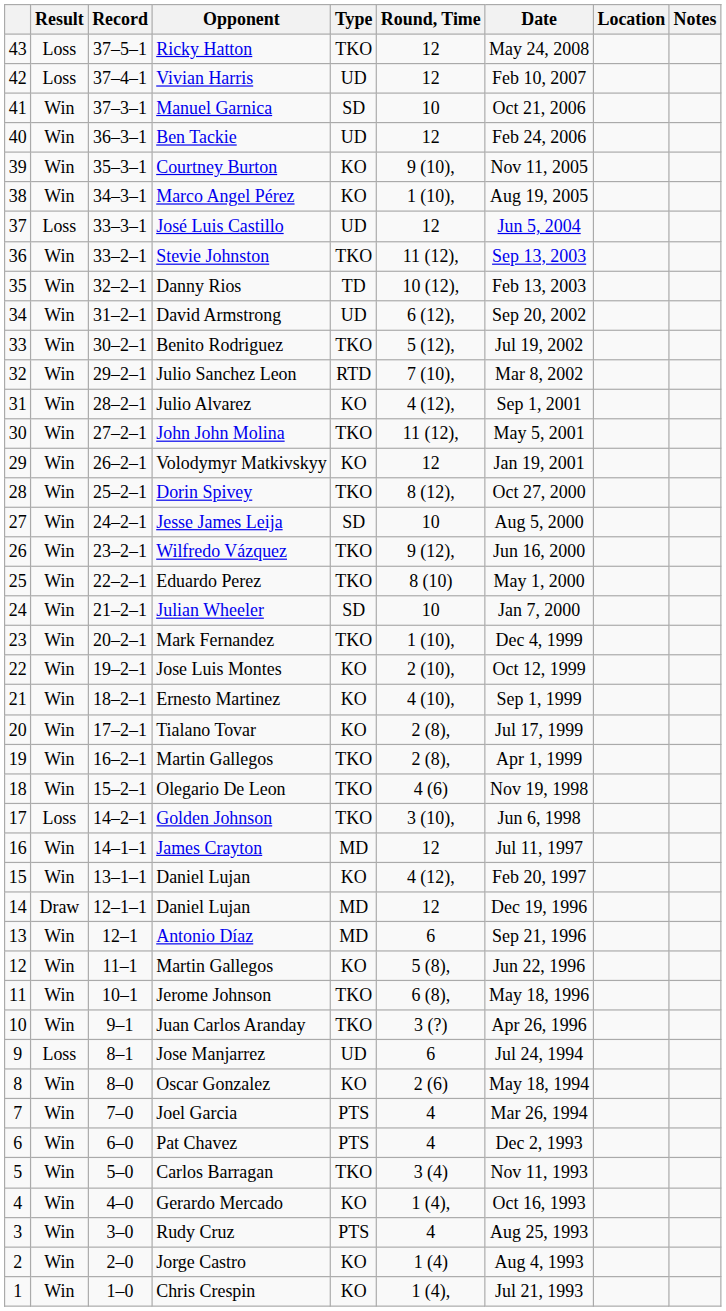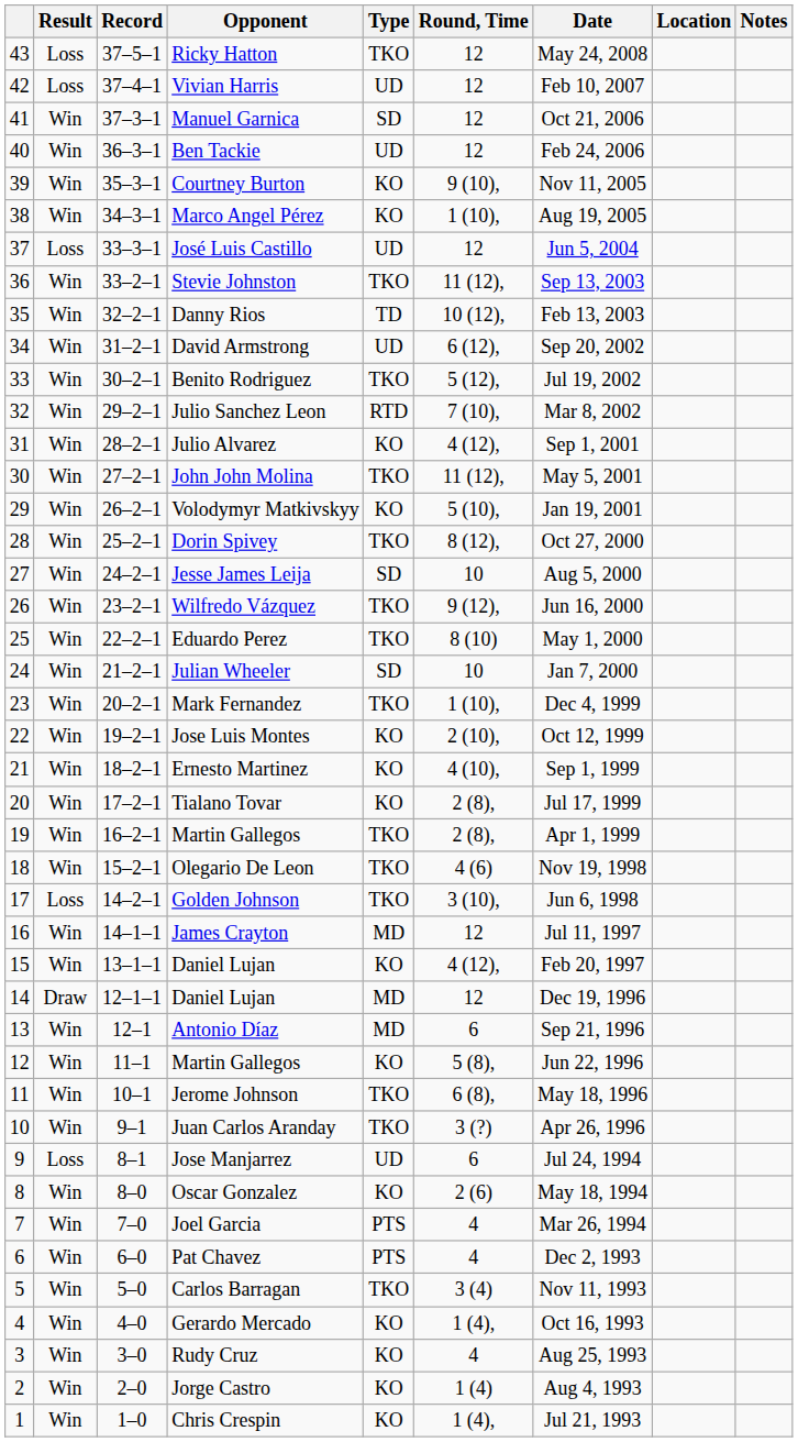 <table class="wikitable" style="text-align:center; font-size:95%">
 <tr>
 <th></th>
 <th>Result</th>
 <th>Record</th>
 <th>Opponent</th>
 <th>Type</th>
 <th>Round, Time</th>
 <th>Date</th>
 <th>Location</th>
 <th>Notes</th>
 </tr>
 <tr>
 <td>43</td>
 <td>Loss</td>
 <td>37–5–1</td>
 <td style="text-align:left;"><a href='#'>Ricky Hatton</a></td>
 <td>TKO</td>
 <td>12</td>
 <td>May 24, 2008</td>
 <td style="text-align:left;"></td>
 <td style="text-align:left;"></td>
 </tr>
 <tr>
 <td>42</td>
 <td>Loss</td>
 <td>37–4–1</td>
 <td style="text-align:left;"><a href='#'>Vivian Harris</a></td>
 <td>UD</td>
 <td>12</td>
 <td>Feb 10, 2007</td>
 <td style="text-align:left;"></td>
 <td style="text-align:left;"></td>
 </tr>
 <tr>
 <td>41</td>
 <td>Win</td>
 <td>37–3–1</td>
 <td style="text-align:left;"><a href='#'>Manuel Garnica</a></td>
 <td>SD</td>
-<td>10</td>
+<td>12</td>
 <td>Oct 21, 2006</td>
 <td style="text-align:left;"></td>
 <td></td>
 </tr>
 <tr>
 <td>40</td>
 <td>Win</td>
 <td>36–3–1</td>
 <td style="text-align:left;"><a href='#'>Ben Tackie</a></td>
 <td>UD</td>
 <td>12</td>
 <td>Feb 24, 2006</td>
 <td style="text-align:left;"></td>
 <td></td>
 </tr>
 <tr>
 <td>39</td>
 <td>Win</td>
 <td>35–3–1</td>
 <td style="text-align:left;"><a href='#'>Courtney Burton</a></td>
 <td>KO</td>
 <td>9 (10), </td>
 <td>Nov 11, 2005</td>
 <td style="text-align:left;"></td>
 <td></td>
 </tr>
 <tr>
 <td>38</td>
 <td>Win</td>
 <td>34–3–1</td>
 <td style="text-align:left;"><a href='#'>Marco Angel Pérez</a></td>
 <td>KO</td>
 <td>1 (10), </td>
 <td>Aug 19, 2005</td>
 <td style="text-align:left;"></td>
 <td></td>
 </tr>
 <tr>
 <td>37</td>
 <td>Loss</td>
 <td>33–3–1</td>
 <td style="text-align:left;"><a href='#'>José Luis Castillo</a></td>
 <td>UD</td>
 <td>12</td>
 <td><a href='#'>Jun 5, 2004</a></td>
 <td style="text-align:left;"></td>
 <td style="text-align:left;"></td>
 </tr>
 <tr>
 <td>36</td>
 <td>Win</td>
 <td>33–2–1</td>
 <td style="text-align:left;"><a href='#'>Stevie Johnston</a></td>
 <td>TKO</td>
 <td>11 (12), </td>
 <td><a href='#'>Sep 13, 2003</a></td>
 <td style="text-align:left;"></td>
 <td style="text-align:left;"></td>
 </tr>
 <tr>
 <td>35</td>
 <td>Win</td>
 <td>32–2–1</td>
 <td style="text-align:left;">Danny Rios</td>
 <td>TD</td>
 <td>10 (12), </td>
 <td>Feb 13, 2003</td>
 <td style="text-align:left;"></td>
 <td style="text-align:left;"></td>
 </tr>
 <tr>
 <td>34</td>
 <td>Win</td>
 <td>31–2–1</td>
 <td style="text-align:left;">David Armstrong</td>
 <td>UD</td>
 <td>6 (12), </td>
 <td>Sep 20, 2002</td>
 <td style="text-align:left;"></td>
 <td style="text-align:left;"></td>
 </tr>
 <tr>
 <td>33</td>
 <td>Win</td>
 <td>30–2–1</td>
 <td style="text-align:left;">Benito Rodriguez</td>
 <td>TKO</td>
 <td>5 (12), </td>
 <td>Jul 19, 2002</td>
 <td style="text-align:left;"></td>
 <td style="text-align:left;"></td>
 </tr>
 <tr>
 <td>32</td>
 <td>Win</td>
 <td>29–2–1</td>
 <td style="text-align:left;">Julio Sanchez Leon</td>
 <td>RTD</td>
 <td>7 (10), </td>
 <td>Mar 8, 2002</td>
 <td style="text-align:left;"></td>
 <td></td>
 </tr>
 <tr>
 <td>31</td>
 <td>Win</td>
 <td>28–2–1</td>
 <td style="text-align:left;">Julio Alvarez</td>
 <td>KO</td>
 <td>4 (12), </td>
 <td>Sep 1, 2001</td>
 <td style="text-align:left;"></td>
 <td style="text-align:left;"></td>
 </tr>
 <tr>
 <td>30</td>
 <td>Win</td>
 <td>27–2–1</td>
 <td style="text-align:left;"><a href='#'>John John Molina</a></td>
 <td>TKO</td>
 <td>11 (12), </td>
 <td>May 5, 2001</td>
 <td style="text-align:left;"></td>
 <td style="text-align:left;"></td>
 </tr>
 <tr>
 <td>29</td>
 <td>Win</td>
 <td>26–2–1</td>
 <td style="text-align:left;">Volodymyr Matkivskyy</td>
 <td>KO</td>
-<td>12</td>
+<td>5 (10), </td>
 <td>Jan 19, 2001</td>
 <td style="text-align:left;"></td>
 <td></td>
 </tr>
 <tr>
 <td>28</td>
 <td>Win</td>
 <td>25–2–1</td>
 <td style="text-align:left;"><a href='#'>Dorin Spivey</a></td>
 <td>TKO</td>
 <td>8 (12), </td>
 <td>Oct 27, 2000</td>
 <td style="text-align:left;"></td>
 <td style="text-align:left;"></td>
 </tr>
 <tr>
 <td>27</td>
 <td>Win</td>
 <td>24–2–1</td>
 <td style="text-align:left;"><a href='#'>Jesse James Leija</a></td>
 <td>SD</td>
 <td>10</td>
 <td>Aug 5, 2000</td>
 <td style="text-align:left;"></td>
 <td></td>
 </tr>
 <tr>
 <td>26</td>
 <td>Win</td>
 <td>23–2–1</td>
 <td style="text-align:left;"><a href='#'>Wilfredo Vázquez</a></td>
 <td>TKO</td>
 <td>9 (12), </td>
 <td>Jun 16, 2000</td>
 <td style="text-align:left;"></td>
 <td style="text-align:left;"></td>
 </tr>
 <tr>
 <td>25</td>
 <td>Win</td>
 <td>22–2–1</td>
 <td style="text-align:left;">Eduardo Perez</td>
 <td>TKO</td>
 <td>8 (10)</td>
 <td>May 1, 2000</td>
 <td style="text-align:left;"></td>
 <td></td>
 </tr>
 <tr>
 <td>24</td>
 <td>Win</td>
 <td>21–2–1</td>
 <td style="text-align:left;"><a href='#'>Julian Wheeler</a></td>
 <td>SD</td>
 <td>10</td>
 <td>Jan 7, 2000</td>
 <td style="text-align:left;"></td>
 <td></td>
 </tr>
 <tr>
 <td>23</td>
 <td>Win</td>
 <td>20–2–1</td>
 <td style="text-align:left;">Mark Fernandez</td>
 <td>TKO</td>
 <td>1 (10), </td>
 <td>Dec 4, 1999</td>
 <td style="text-align:left;"></td>
 <td></td>
 </tr>
 <tr>
 <td>22</td>
 <td>Win</td>
 <td>19–2–1</td>
 <td style="text-align:left;">Jose Luis Montes</td>
 <td>KO</td>
 <td>2 (10), </td>
 <td>Oct 12, 1999</td>
 <td style="text-align:left;"></td>
 <td></td>
 </tr>
 <tr>
 <td>21</td>
 <td>Win</td>
 <td>18–2–1</td>
 <td style="text-align:left;">Ernesto Martinez</td>
 <td>KO</td>
 <td>4 (10), </td>
 <td>Sep 1, 1999</td>
 <td style="text-align:left;"></td>
 <td></td>
 </tr>
 <tr>
 <td>20</td>
 <td>Win</td>
 <td>17–2–1</td>
 <td style="text-align:left;">Tialano Tovar</td>
 <td>KO</td>
 <td>2 (8), </td>
 <td>Jul 17, 1999</td>
 <td style="text-align:left;"></td>
 <td></td>
 </tr>
 <tr>
 <td>19</td>
 <td>Win</td>
 <td>16–2–1</td>
 <td style="text-align:left;">Martin Gallegos</td>
 <td>TKO</td>
 <td>2 (8), </td>
 <td>Apr 1, 1999</td>
 <td style="text-align:left;"></td>
 <td></td>
 </tr>
 <tr>
 <td>18</td>
 <td>Win</td>
 <td>15–2–1</td>
 <td style="text-align:left;">Olegario De Leon</td>
 <td>TKO</td>
 <td>4 (6)</td>
 <td>Nov 19, 1998</td>
 <td style="text-align:left;"></td>
 <td></td>
 </tr>
 <tr>
 <td>17</td>
 <td>Loss</td>
 <td>14–2–1</td>
 <td style="text-align:left;"><a href='#'>Golden Johnson</a></td>
 <td>TKO</td>
 <td>3 (10), </td>
 <td>Jun 6, 1998</td>
 <td style="text-align:left;"></td>
 <td></td>
 </tr>
 <tr>
 <td>16</td>
 <td>Win</td>
 <td>14–1–1</td>
 <td style="text-align:left;"><a href='#'>James Crayton</a></td>
 <td>MD</td>
 <td>12</td>
 <td>Jul 11, 1997</td>
 <td style="text-align:left;"></td>
 <td style="text-align:left;'"></td>
 </tr>
 <tr>
 <td>15</td>
 <td>Win</td>
 <td>13–1–1</td>
 <td style="text-align:left;">Daniel Lujan</td>
 <td>KO</td>
 <td>4 (12), </td>
 <td>Feb 20, 1997</td>
 <td style="text-align:left;"></td>
 <td style="text-align:left;"></td>
 </tr>
 <tr>
 <td>14</td>
 <td>Draw</td>
 <td>12–1–1</td>
 <td style="text-align:left;">Daniel Lujan</td>
 <td>MD</td>
 <td>12</td>
 <td>Dec 19, 1996</td>
 <td style="text-align:left;"></td>
 <td style="text-align:left;"></td>
 </tr>
 <tr>
 <td>13</td>
 <td>Win</td>
 <td>12–1</td>
 <td style="text-align:left;"><a href='#'>Antonio Díaz</a></td>
 <td>MD</td>
 <td>6</td>
 <td>Sep 21, 1996</td>
 <td style="text-align:left;"></td>
 <td></td>
 </tr>
 <tr>
 <td>12</td>
 <td>Win</td>
 <td>11–1</td>
 <td style="text-align:left;">Martin Gallegos</td>
 <td>KO</td>
 <td>5 (8), </td>
 <td>Jun 22, 1996</td>
 <td style="text-align:left;"></td>
 <td></td>
 </tr>
 <tr>
 <td>11</td>
 <td>Win</td>
 <td>10–1</td>
 <td style="text-align:left;">Jerome Johnson</td>
 <td>TKO</td>
 <td>6 (8), </td>
 <td>May 18, 1996</td>
 <td style="text-align:left;"></td>
 <td></td>
 </tr>
 <tr>
 <td>10</td>
 <td>Win</td>
 <td>9–1</td>
 <td style="text-align:left;">Juan Carlos Aranday</td>
 <td>TKO</td>
 <td>3 (?)</td>
 <td>Apr 26, 1996</td>
 <td style="text-align:left;"></td>
 <td></td>
 </tr>
 <tr>
 <td>9</td>
 <td>Loss</td>
 <td>8–1</td>
 <td style="text-align:left;">Jose Manjarrez</td>
 <td>UD</td>
 <td>6</td>
 <td>Jul 24, 1994</td>
 <td style="text-align:left;"></td>
 <td></td>
 </tr>
 <tr>
 <td>8</td>
 <td>Win</td>
 <td>8–0</td>
 <td style="text-align:left;">Oscar Gonzalez</td>
 <td>KO</td>
 <td>2 (6)</td>
 <td>May 18, 1994</td>
 <td style="text-align:left;"></td>
 <td></td>
 </tr>
 <tr>
 <td>7</td>
 <td>Win</td>
 <td>7–0</td>
 <td style="text-align:left;">Joel Garcia</td>
 <td>PTS</td>
 <td>4</td>
 <td>Mar 26, 1994</td>
 <td style="text-align:left;"></td>
 <td></td>
 </tr>
 <tr>
 <td>6</td>
 <td>Win</td>
 <td>6–0</td>
 <td style="text-align:left;">Pat Chavez</td>
 <td>PTS</td>
 <td>4</td>
 <td>Dec 2, 1993</td>
 <td style="text-align:left;"></td>
 <td></td>
 </tr>
 <tr>
 <td>5</td>
 <td>Win</td>
 <td>5–0</td>
 <td style="text-align:left;">Carlos Barragan</td>
 <td>TKO</td>
 <td>3 (4)</td>
 <td>Nov 11, 1993</td>
 <td style="text-align:left;"></td>
 <td></td>
 </tr>
 <tr>
 <td>4</td>
 <td>Win</td>
 <td>4–0</td>
 <td style="text-align:left;">Gerardo Mercado</td>
 <td>KO</td>
 <td>1 (4), </td>
 <td>Oct 16, 1993</td>
 <td style="text-align:left;"></td>
 <td></td>
 </tr>
 <tr>
 <td>3</td>
 <td>Win</td>
 <td>3–0</td>
 <td style="text-align:left;">Rudy Cruz</td>
-<td>PTS</td>
+<td>KO</td>
 <td>4</td>
 <td>Aug 25, 1993</td>
 <td style="text-align:left;"></td>
 <td></td>
 </tr>
 <tr>
 <td>2</td>
 <td>Win</td>
 <td>2–0</td>
 <td style="text-align:left;">Jorge Castro</td>
 <td>KO</td>
 <td>1 (4)</td>
 <td>Aug 4, 1993</td>
 <td style="text-align:left;"></td>
 <td></td>
 </tr>
 <tr>
 <td>1</td>
 <td>Win</td>
 <td>1–0</td>
 <td style="text-align:left;">Chris Crespin</td>
 <td>KO</td>
 <td>1 (4), </td>
 <td>Jul 21, 1993</td>
 <td style="text-align:left;"></td>
 <td></td>
 </tr>
 </table>
